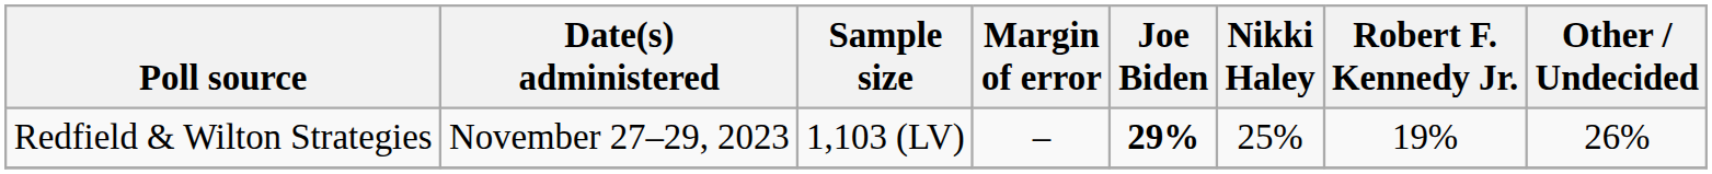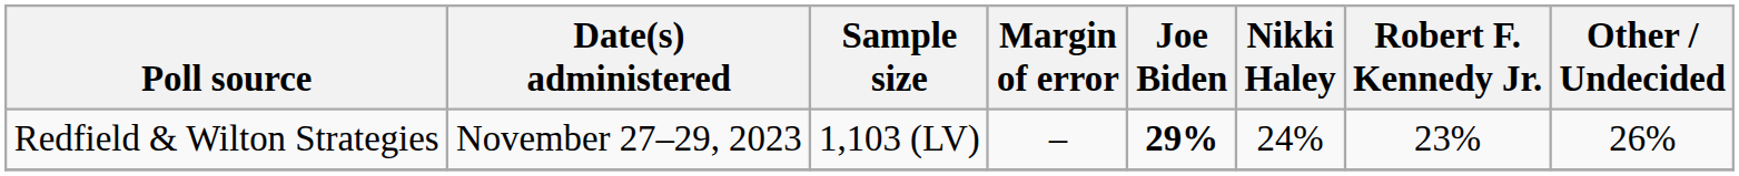 <table class="wikitable sortable mw-datatable" style="font-size:90%;text-align:center;line-height:17px">
 <tr valign=bottom>
 <th>Poll source</th>
 <th>Date(s)<br>administered</th>
 <th>Sample<br>size</th>
 <th>Margin<br>of error</th>
 <th class="unsortable">Joe<br>Biden<br></th>
 <th class="unsortable">Nikki<br>Haley<br></th>
 <th class="unsortable">Robert F.<br>Kennedy Jr.<br></th>
 <th class="unsortable">Other /<br>Undecided</th>
 </tr>
 <tr>
 <td style="text-align:left;">Redfield & Wilton Strategies</td>
 <td data-sort-value="2023-12-05">November 27–29, 2023</td>
 <td>1,103 (LV)</td>
 <td>–</td>
 <td style="color:black;background-color:"><strong>29%</strong></td>
-<td>25%</td>
-<td>19%</td>
+<td>24%</td>
+<td>23%</td>
 <td>26%</td>
 </tr>
 <tr>
 </tr>
 </table>
